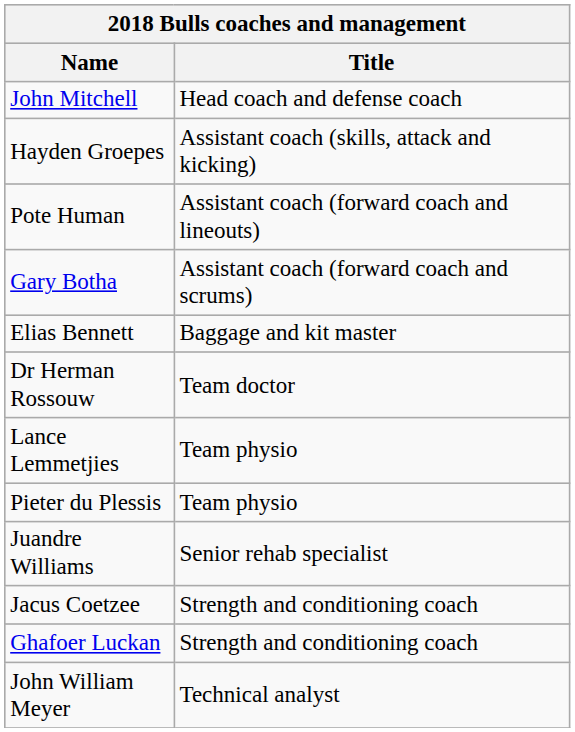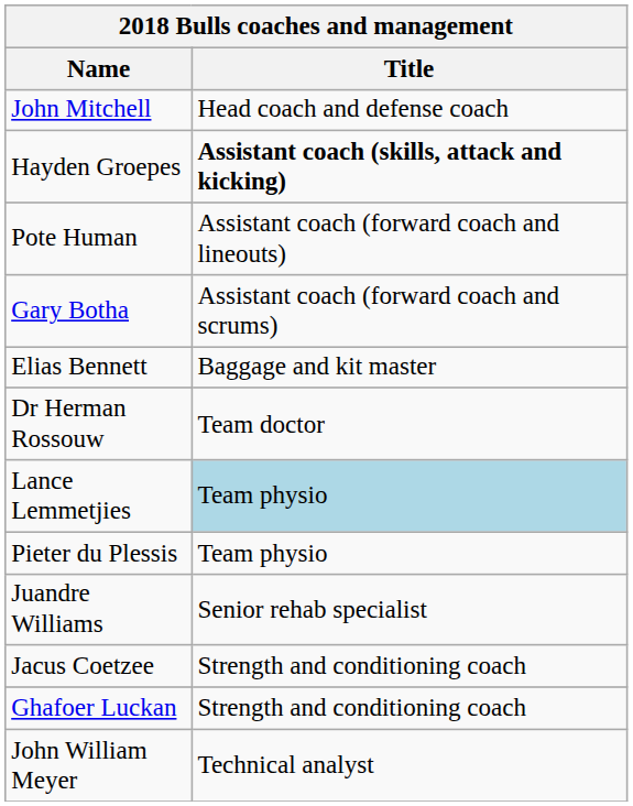 <table class="wikitable sortable" style="text-align:left; font-size:90%; width:40%">
 <tr>
 <th colspan=100%>2018 Bulls coaches and management</th>
 </tr>
 <tr>
 <th style="width:30%;">Name</th>
 <th style="width:70%;">Title</th>
 </tr>
 <tr>
 <td><a href='#'>John Mitchell</a></td>
 <td>Head coach and defense coach</td>
 </tr>
 <tr>
 <td>Hayden Groepes</td>
-<td>Assistant coach (skills, attack and kicking)</td>
+<td><strong>Assistant coach (skills, attack and kicking)</strong></td>
 </tr>
 <tr>
 <td>Pote Human</td>
 <td>Assistant coach (forward coach and lineouts)</td>
 </tr>
 <tr>
 <td><a href='#'>Gary Botha</a></td>
 <td>Assistant coach (forward coach and scrums)</td>
 </tr>
 <tr>
 <td>Elias Bennett</td>
 <td>Baggage and kit master</td>
 </tr>
 <tr>
 <td>Dr Herman Rossouw</td>
 <td>Team doctor</td>
 </tr>
 <tr>
 <td>Lance Lemmetjies</td>
-<td>Team physio</td>
+<td style="background: lightblue;">Team physio</td>
 </tr>
 <tr>
 <td>Pieter du Plessis</td>
 <td>Team physio</td>
 </tr>
 <tr>
 <td>Juandre Williams</td>
 <td>Senior rehab specialist</td>
 </tr>
 <tr>
 <td>Jacus Coetzee</td>
 <td>Strength and conditioning coach</td>
 </tr>
 <tr>
 <td><a href='#'>Ghafoer Luckan</a></td>
 <td>Strength and conditioning coach</td>
 </tr>
 <tr>
 <td>John William Meyer</td>
 <td>Technical analyst</td>
 </tr>
 </table>
